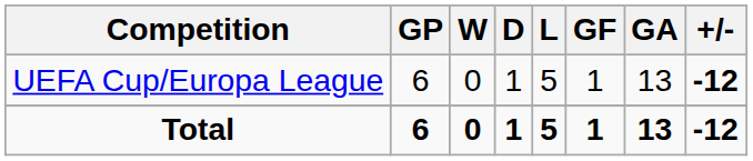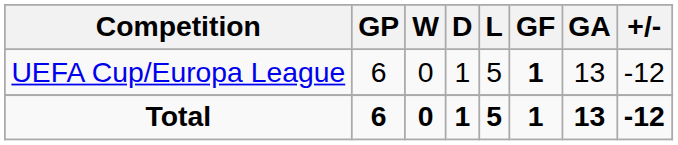 <table class="wikitable" style="text-align:center">
 <tr>
 <th>Competition</th>
 <th>GP</th>
 <th>W</th>
 <th>D</th>
 <th>L</th>
 <th>GF</th>
 <th>GA</th>
 <th>+/-</th>
 </tr>
 <tr>
 <td><a href='#'>UEFA Cup/Europa League</a></td>
 <td>6</td>
 <td>0</td>
 <td>1</td>
 <td>5</td>
-<td>1</td>
+<td><strong>1</strong></td>
 <td>13</td>
-<td><strong>-12</strong></td>
+<td>-12</td>
 </tr>
 <tr>
 </tr>
 <tr class="unsortable">
 <td><strong>Total</strong></td>
 <td><strong>6</strong></td>
 <td><strong>0</strong></td>
 <td><strong>1</strong></td>
 <td><strong>5</strong></td>
 <td><strong>1</strong></td>
 <td><strong>13</strong></td>
 <td><strong>-12</strong></td>
 </tr>
 </table>
